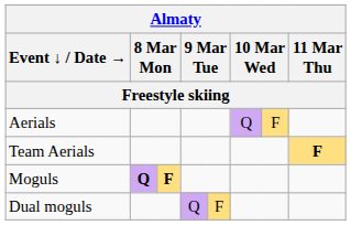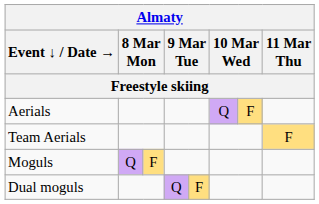 <table class="wikitable" style="margin:0.5em auto; font-size:90%; line-height:1.25em; text-align:center">
 <tr>
 <th colspan=8> <a href='#'>Almaty</a></th>
 </tr>
 <tr>
 <th>Event ↓ / Date →</th>
 <th colspan=2>8 Mar<br>Mon</th>
 <th colspan=2>9 Mar<br>Tue</th>
 <th colspan=2>10 Mar<br>Wed</th>
 <th>11 Mar<br>Thu</th>
 </tr>
 <tr>
 <th colspan=8>Freestyle skiing</th>
 </tr>
 <tr>
 <td style="text-align:left;">Aerials</td>
 <td colspan=2></td>
 <td colspan=2></td>
 <td style="background-color:#D0A9F5;">Q</td>
 <td style="background-color:#FFDF80;">F</td>
 <td></td>
 </tr>
 <tr>
 <td style="text-align:left;">Team Aerials</td>
 <td colspan=2></td>
 <td colspan=2></td>
 <td colspan=2></td>
-<td style="background-color:#FFDF80;"><strong>F</strong></td>
+<td style="background-color:#FFDF80;">F</td>
 </tr>
 <tr>
 <td style="text-align:left;">Moguls</td>
-<td style="background-color:#D0A9F5;"><strong>Q</strong></td>
-<td style="background-color:#FFDF80;"><strong>F</strong></td>
+<td style="background-color:#D0A9F5;">Q</td>
+<td style="background-color:#FFDF80;">F</td>
 <td colspan=2></td>
 <td colspan=2></td>
 <td></td>
 </tr>
 <tr>
 <td style="text-align:left;">Dual moguls</td>
 <td colspan=2></td>
 <td style="background-color:#D0A9F5;">Q</td>
 <td style="background-color:#FFDF80;">F</td>
 <td colspan=2></td>
 <td></td>
 </tr>
 </table>
